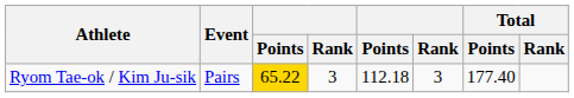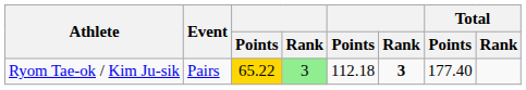 <table class="wikitable" style="font-size:90%">
 <tr>
 <th rowspan="2">Athlete</th>
 <th rowspan="2">Event</th>
 <th colspan="2"></th>
 <th colspan="2"></th>
 <th colspan="2">Total</th>
 </tr>
 <tr>
 <th>Points</th>
 <th>Rank</th>
 <th>Points</th>
 <th>Rank</th>
 <th>Points</th>
 <th>Rank</th>
 </tr>
 <tr align="center">
 <td align="left"><a href='#'>Ryom Tae-ok</a> / <a href='#'>Kim Ju-sik</a></td>
 <td rowspan="2" align="left"><a href='#'>Pairs</a></td>
 <td style="background: gold;">65.22</td>
-<td>3</td>
+<td style="background: lightgreen;">3</td>
 <td>112.18</td>
-<td>3</td>
+<td><strong>3</strong></td>
 <td>177.40</td>
 <td></td>
 </tr>
 </table>
